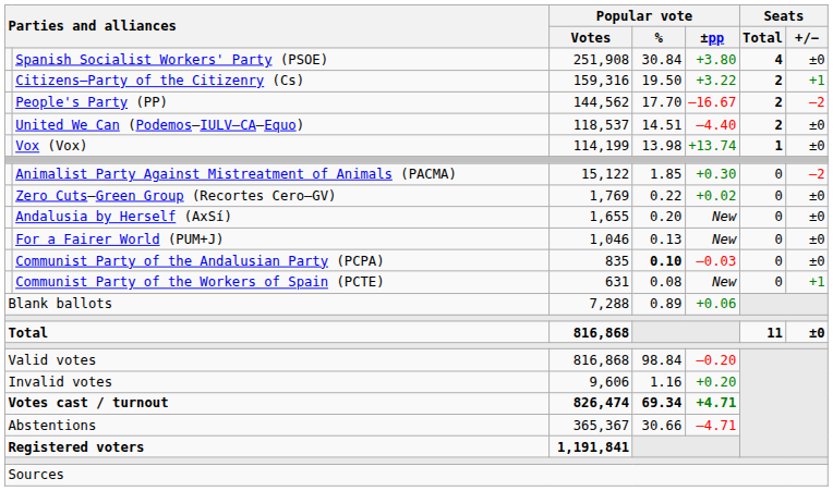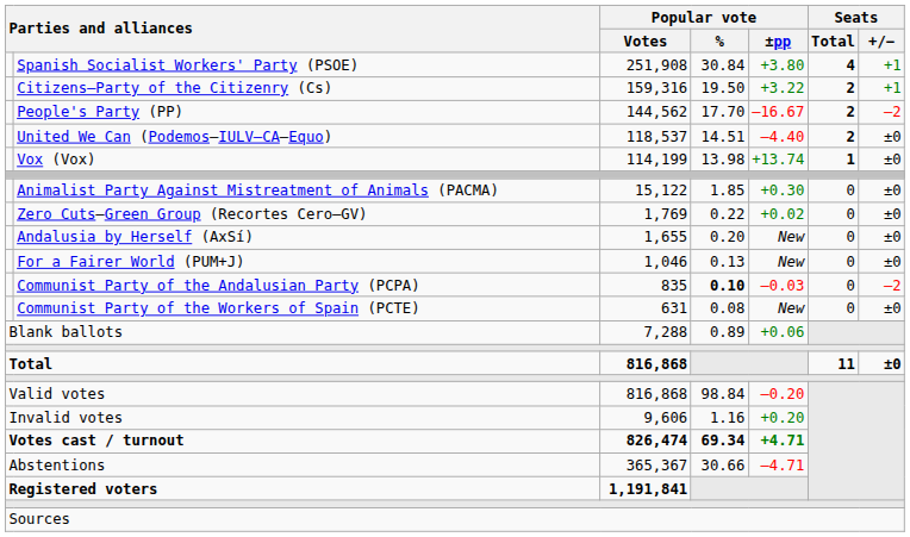 <table class="wikitable" style="text-align:right;">
 <tr>
 <th style="text-align:left;" rowspan="2" colspan="2" width="525">Parties and alliances</th>
 <th colspan="3">Popular vote</th>
 <th colspan="2">Seats</th>
 </tr>
 <tr>
 <th width="75">Votes</th>
 <th width="45">%</th>
 <th width="45">±<a href='#'>pp</a></th>
 <th width="35">Total</th>
 <th width="35">+/−</th>
 </tr>
 <tr>
 <td width="1" style="color:inherit;background:"></td>
 <td align="left"><a href='#'>Spanish Socialist Workers' Party</a> (PSOE)</td>
 <td>251,908</td>
 <td>30.84</td>
 <td style="color:green;">+3.80</td>
 <td><strong>4</strong></td>
-<td>±0</td>
+<td style="color:green;">+1</td>
 </tr>
 <tr>
 <td style="color:inherit;background:"></td>
 <td align="left"><a href='#'>Citizens–Party of the Citizenry</a> (Cs)</td>
 <td>159,316</td>
 <td>19.50</td>
 <td style="color:green;">+3.22</td>
 <td><strong>2</strong></td>
 <td style="color:green;">+1</td>
 </tr>
 <tr>
 <td style="color:inherit;background:"></td>
 <td align="left"><a href='#'>People's Party</a> (PP)</td>
 <td>144,562</td>
 <td>17.70</td>
 <td style="color:red;">–16.67</td>
 <td><strong>2</strong></td>
 <td style="color:red;">–2</td>
 </tr>
 <tr>
 <td style="color:inherit;background:"></td>
 <td align="left"><a href='#'>United We Can</a> (<a href='#'>Podemos</a>–<a href='#'>IULV–CA</a>–<a href='#'>Equo</a>)</td>
 <td>118,537</td>
 <td>14.51</td>
 <td style="color:red;">–4.40</td>
 <td><strong>2</strong></td>
 <td>±0</td>
 </tr>
 <tr>
 <td style="color:inherit;background:"></td>
 <td align="left"><a href='#'>Vox</a> (Vox)</td>
 <td>114,199</td>
 <td>13.98</td>
 <td style="color:green;">+13.74</td>
 <td><strong>1</strong></td>
 <td>±0</td>
 </tr>
 <tr>
 <td colspan="7" bgcolor="#C0C0C0"></td>
 </tr>
 <tr>
 <td style="color:inherit;background:"></td>
 <td align="left"><a href='#'>Animalist Party Against Mistreatment of Animals</a> (PACMA)</td>
 <td>15,122</td>
 <td>1.85</td>
 <td style="color:green;">+0.30</td>
 <td>0</td>
-<td style="color:red;">–2</td>
+<td>±0</td>
 </tr>
 <tr>
 <td style="color:inherit;background:"></td>
 <td align="left"><a href='#'>Zero Cuts</a>–<a href='#'>Green Group</a> (Recortes Cero–GV)</td>
 <td>1,769</td>
 <td>0.22</td>
 <td style="color:green;">+0.02</td>
 <td>0</td>
 <td>±0</td>
 </tr>
 <tr>
 <td style="color:inherit;background:"></td>
 <td align="left"><a href='#'>Andalusia by Herself</a> (AxSí)</td>
 <td>1,655</td>
 <td>0.20</td>
 <td><em>New</em></td>
 <td>0</td>
 <td>±0</td>
 </tr>
 <tr>
 <td style="color:inherit;background:"></td>
 <td align="left"><a href='#'>For a Fairer World</a> (PUM+J)</td>
 <td>1,046</td>
 <td>0.13</td>
 <td><em>New</em></td>
 <td>0</td>
 <td>±0</td>
 </tr>
 <tr>
 <td style="color:inherit;background:"></td>
 <td align="left"><a href='#'>Communist Party of the Andalusian Party</a> (PCPA)</td>
 <td>835</td>
 <td><strong>0.10</strong></td>
 <td style="color:red;">–0.03</td>
 <td>0</td>
-<td>±0</td>
+<td style="color:red;">–2</td>
 </tr>
 <tr>
 <td style="color:inherit;background:"></td>
 <td align="left"><a href='#'>Communist Party of the Workers of Spain</a> (PCTE)</td>
 <td>631</td>
 <td>0.08</td>
 <td><em>New</em></td>
 <td>0</td>
-<td style="color:green;">+1</td>
+<td>±0</td>
 </tr>
 <tr>
 <td align="left" colspan="2">Blank ballots</td>
 <td>7,288</td>
 <td>0.89</td>
 <td style="color:green;">+0.06</td>
 <td bgcolor="#E9E9E9" colspan="2"></td>
 </tr>
 <tr>
 <td colspan="7" bgcolor="#E9E9E9"></td>
 </tr>
 <tr style="font-weight:bold;">
 <td align="left" colspan="2">Total</td>
 <td>816,868</td>
 <td bgcolor="#E9E9E9" colspan="2"></td>
 <td>11</td>
 <td>±0</td>
 </tr>
 <tr>
 <td colspan="7" bgcolor="#E9E9E9"></td>
 </tr>
 <tr>
 <td align="left" colspan="2">Valid votes</td>
 <td>816,868</td>
 <td>98.84</td>
 <td style="color:red;">–0.20</td>
 <td bgcolor="#E9E9E9" colspan="2" rowspan="5"></td>
 </tr>
 <tr>
 <td align="left" colspan="2">Invalid votes</td>
 <td>9,606</td>
 <td>1.16</td>
 <td style="color:green;">+0.20</td>
 </tr>
 <tr style="font-weight:bold;">
 <td align="left" colspan="2">Votes cast / turnout</td>
 <td>826,474</td>
 <td>69.34</td>
 <td style="color:green;">+4.71</td>
 </tr>
 <tr>
 <td align="left" colspan="2">Abstentions</td>
 <td>365,367</td>
 <td>30.66</td>
 <td style="color:red;">–4.71</td>
 </tr>
 <tr style="font-weight:bold;">
 <td align="left" colspan="2">Registered voters</td>
 <td>1,191,841</td>
 <td bgcolor="#E9E9E9" colspan="2"></td>
 </tr>
 <tr>
 <td colspan="7" bgcolor="#E9E9E9"></td>
 </tr>
 <tr>
 <td align="left" colspan="7">Sources</td>
 </tr>
 </table>
